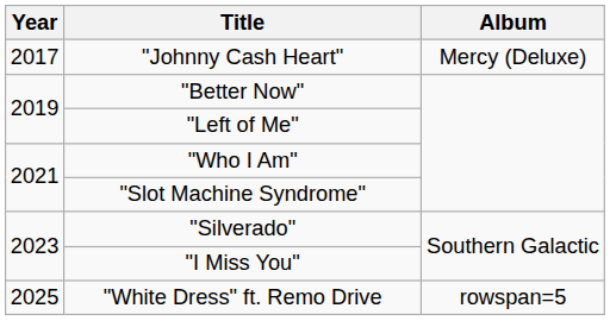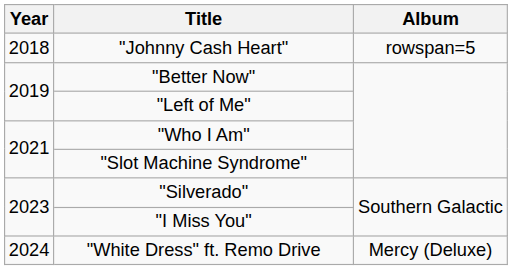 <table class="wikitable plainrowheaders" style="text-align:center;">
 <tr>
 <th>Year</th>
 <th style="width:16em;">Title</th>
 <th>Album</th>
 </tr>
 <tr>
-<td>2017</td>
+<td>2018</td>
 <td scope="row">"Johnny Cash Heart"</td>
-<td>Mercy (Deluxe)</td>
+<td>rowspan=5 </td>
 </tr>
 <tr>
 <td rowspan="2">2019</td>
 <td>"Better Now"</td>
 </tr>
 <tr>
 <td>"Left of Me"</td>
 </tr>
 <tr>
 <td rowspan="2">2021</td>
 <td>"Who I Am"</td>
 </tr>
 <tr>
 <td>"Slot Machine Syndrome"</td>
 </tr>
 <tr>
 <td rowspan="2">2023</td>
 <td>"Silverado"</td>
 <td rowspan="2">Southern Galactic</td>
 </tr>
 <tr>
 <td>"I Miss You"</td>
 </tr>
 <tr>
-<td>2025</td>
+<td>2024</td>
 <td>"White Dress" ft. Remo Drive</td>
-<td>rowspan=5 </td>
+<td>Mercy (Deluxe)</td>
 </tr>
 </table>
